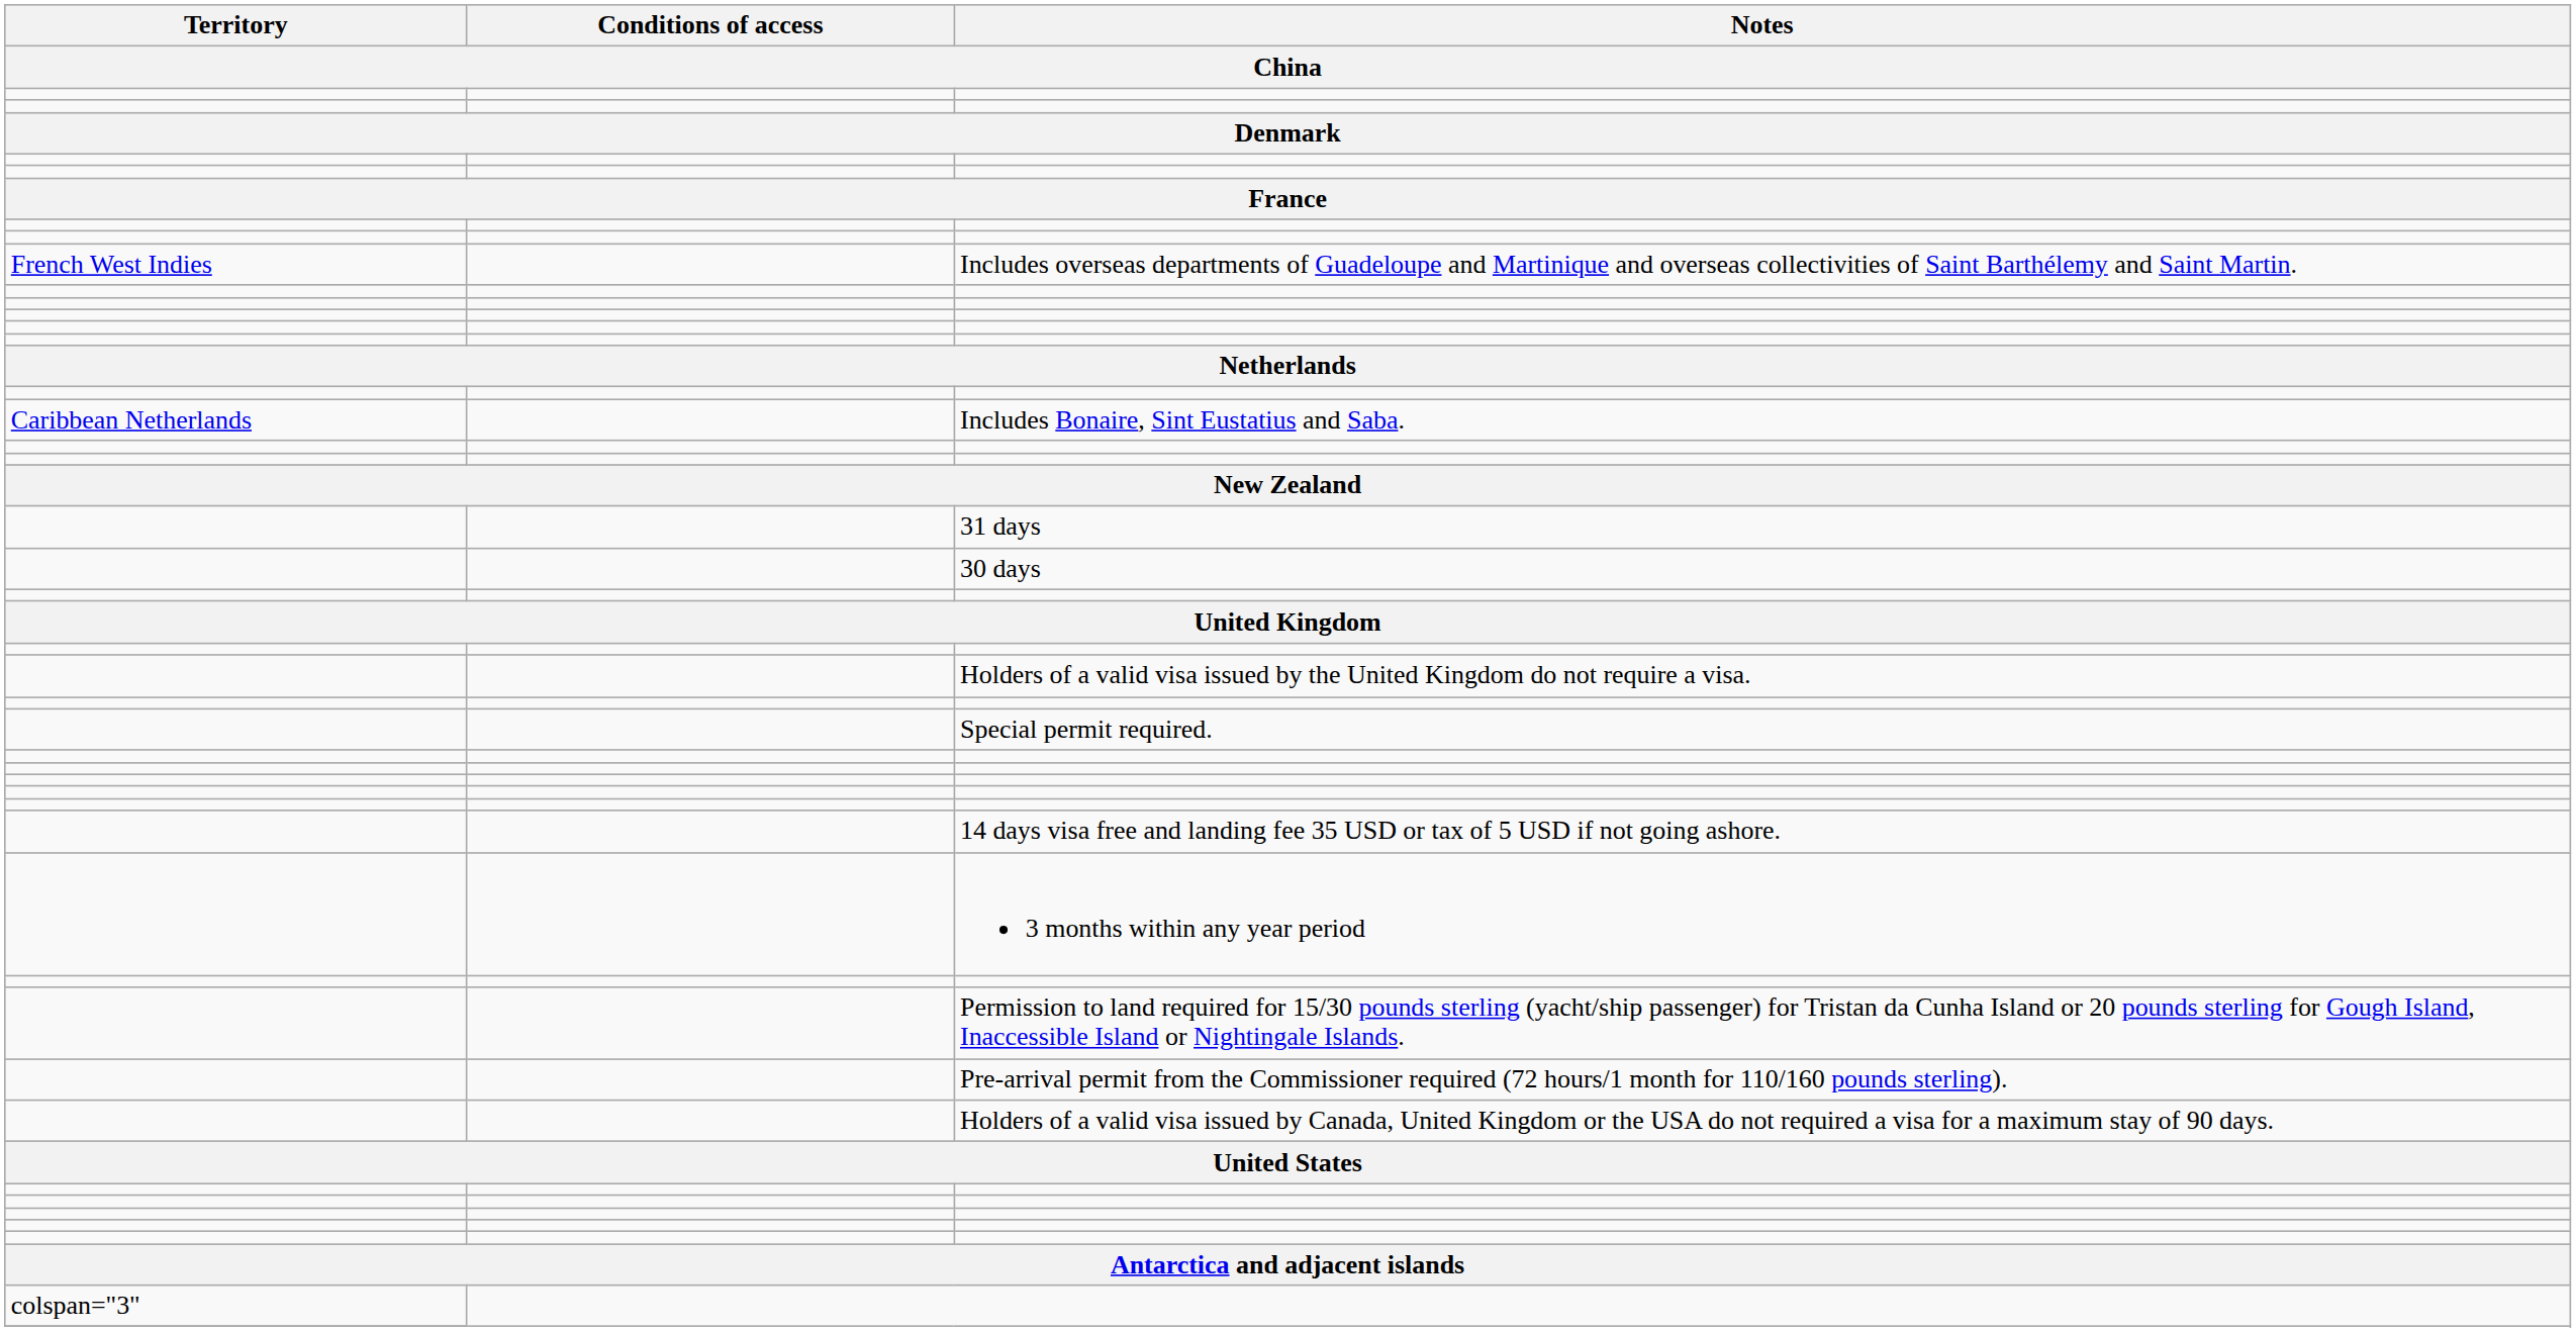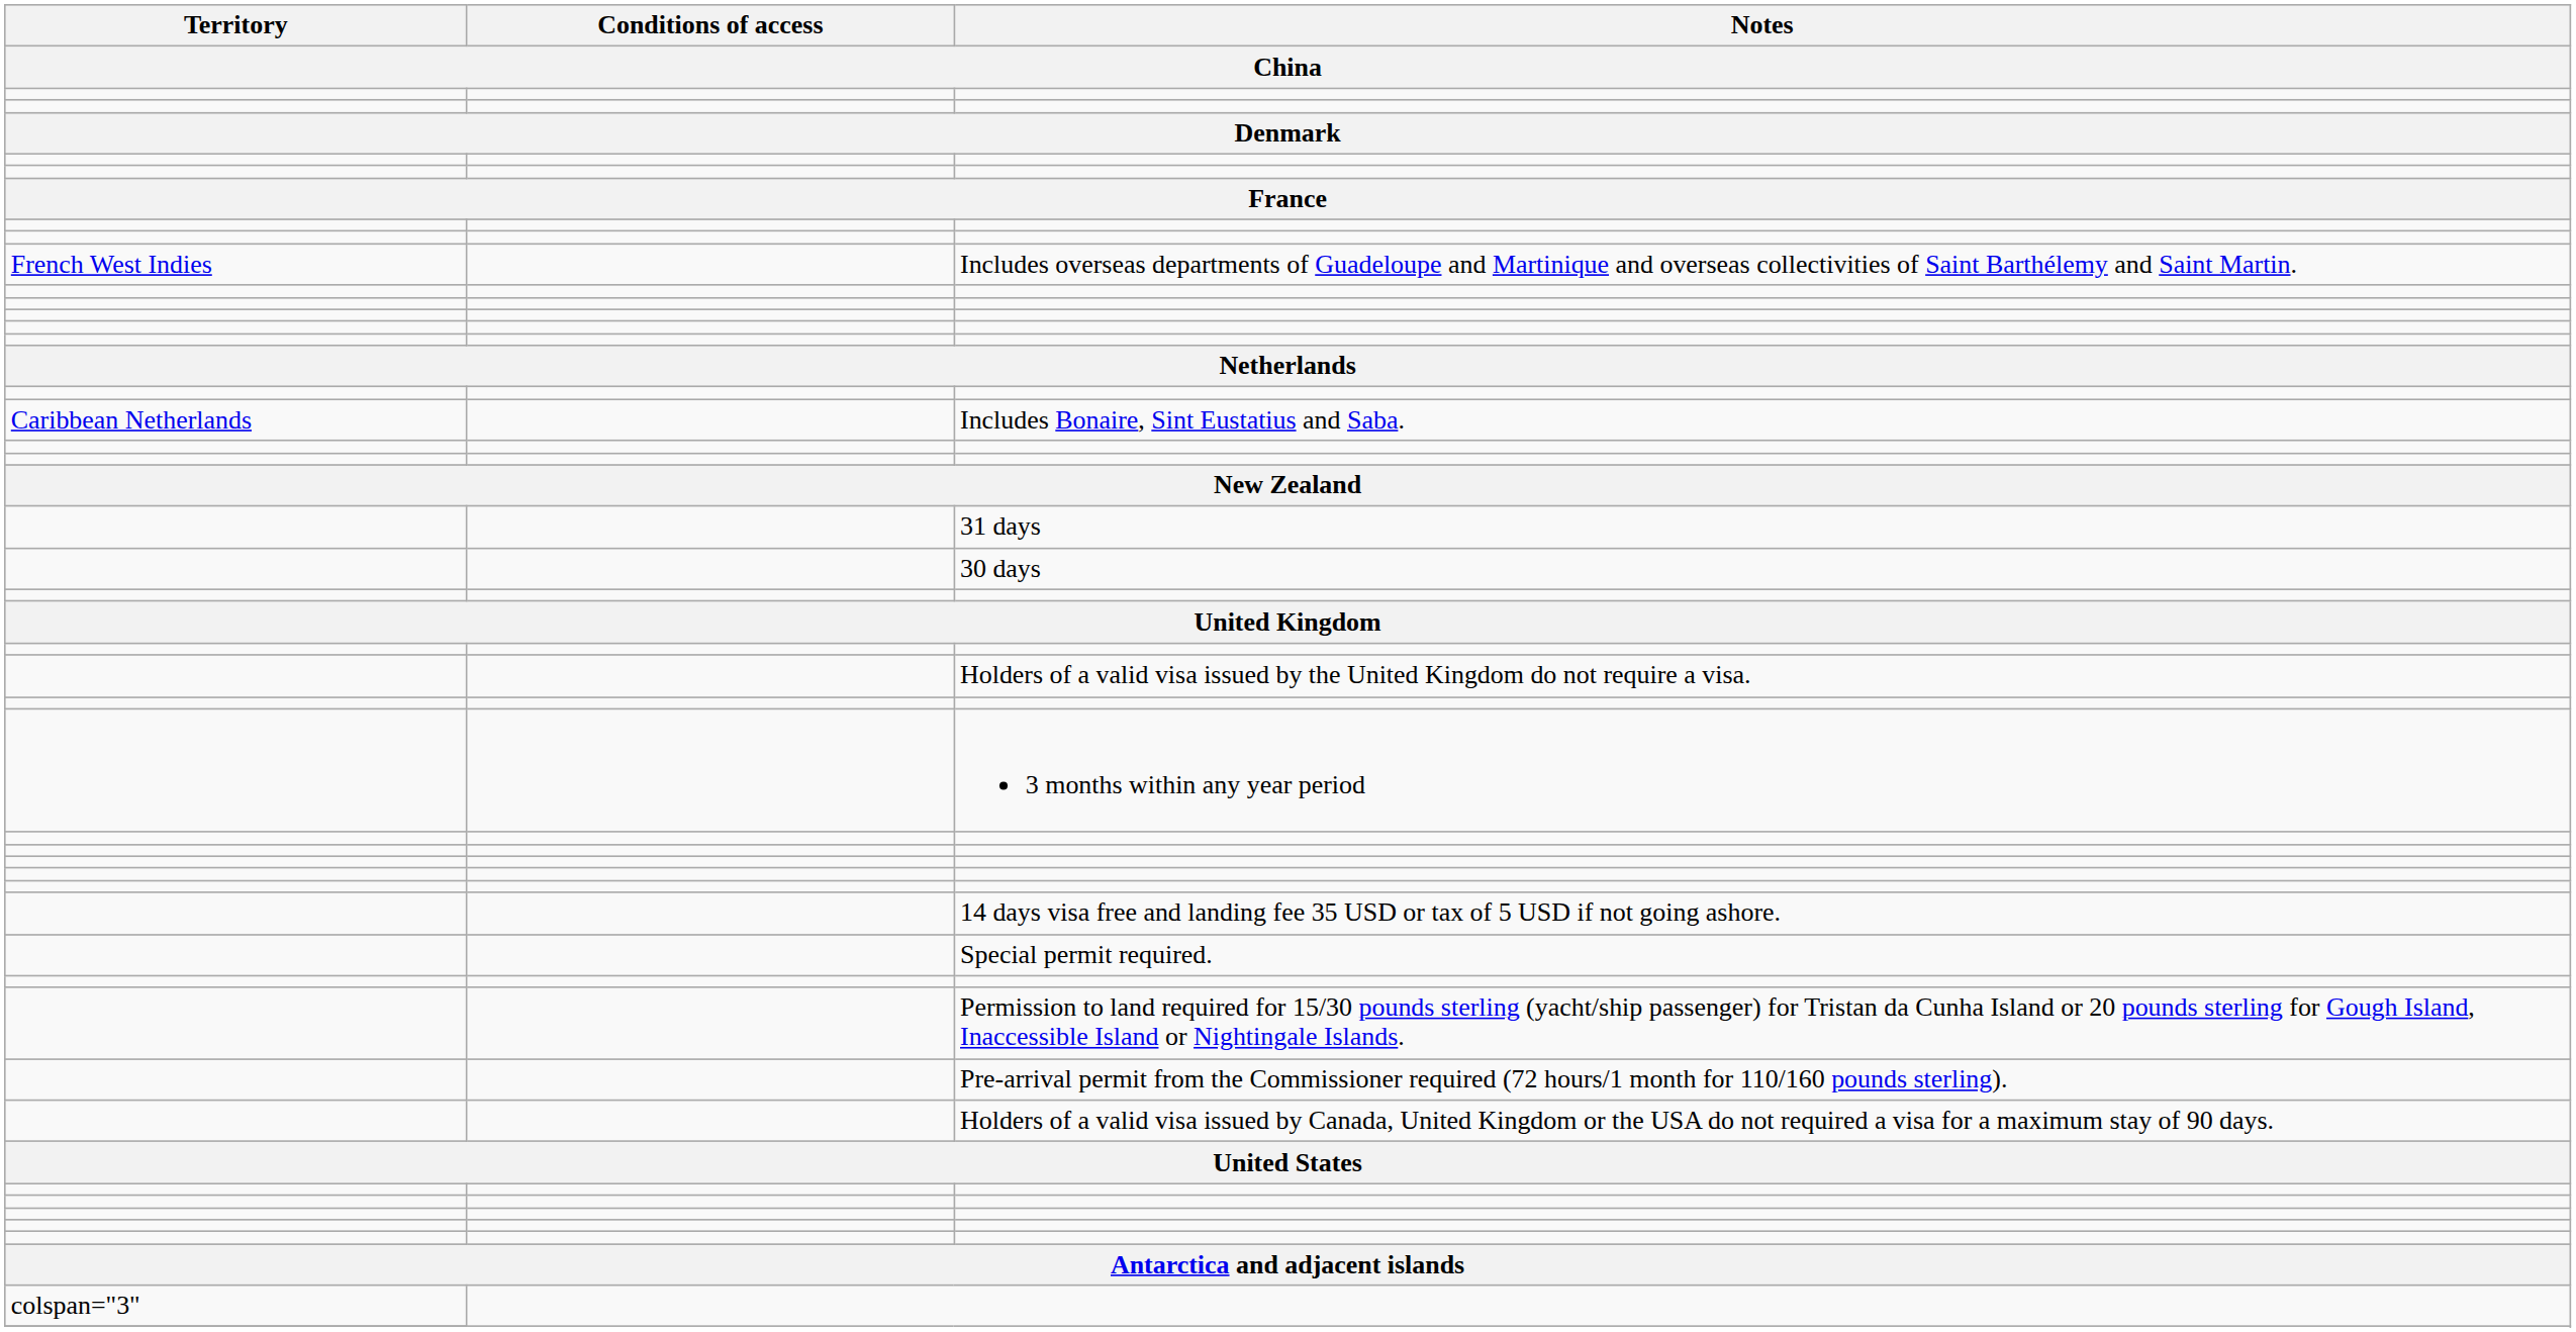 <table class="wikitable" style="text-align: left; table-layout: fixed;">
 <tr>
 <th width="18%">Territory</th>
 <th width="19%">Conditions of access</th>
 <th>Notes</th>
 </tr>
 <tr>
 <th colspan="3">China</th>
 </tr>
 <tr>
 <td></td>
 <td></td>
 <td></td>
 </tr>
 <tr>
 <td></td>
 <td></td>
 <td></td>
 </tr>
 <tr>
 <th colspan="3">Denmark</th>
 </tr>
 <tr>
 <td></td>
 <td></td>
 <td></td>
 </tr>
 <tr>
 <td></td>
 <td></td>
 <td></td>
 </tr>
 <tr>
 <th colspan="3">France</th>
 </tr>
 <tr>
 <td></td>
 <td></td>
 <td></td>
 </tr>
 <tr>
 <td></td>
 <td></td>
 <td></td>
 </tr>
 <tr>
 <td> <a href='#'>French West Indies</a></td>
 <td></td>
 <td>Includes overseas departments of <a href='#'>Guadeloupe</a> and <a href='#'>Martinique</a> and overseas collectivities of <a href='#'>Saint Barthélemy</a> and <a href='#'>Saint Martin</a>.</td>
 </tr>
 <tr>
 <td></td>
 <td></td>
 <td></td>
 </tr>
 <tr>
 <td></td>
 <td></td>
 <td></td>
 </tr>
 <tr>
 <td></td>
 <td></td>
 <td></td>
 </tr>
 <tr>
 <td></td>
 <td></td>
 <td></td>
 </tr>
 <tr>
 <td></td>
 <td></td>
 <td></td>
 </tr>
 <tr>
 <th colspan="3">Netherlands</th>
 </tr>
 <tr>
 <td></td>
 <td></td>
 <td></td>
 </tr>
 <tr>
 <td> <a href='#'>Caribbean Netherlands</a></td>
 <td></td>
 <td>Includes <a href='#'>Bonaire</a>, <a href='#'>Sint Eustatius</a> and <a href='#'>Saba</a>.</td>
 </tr>
 <tr>
 <td></td>
 <td></td>
 <td></td>
 </tr>
 <tr>
 <td></td>
 <td></td>
 <td></td>
 </tr>
 <tr>
 <th colspan="3">New Zealand</th>
 </tr>
 <tr>
 <td></td>
 <td></td>
 <td>31 days</td>
 </tr>
 <tr>
 <td></td>
 <td></td>
 <td>30 days</td>
 </tr>
 <tr>
 <td></td>
 <td></td>
 <td></td>
 </tr>
 <tr>
 <th colspan="3">United Kingdom</th>
 </tr>
 <tr>
 <td></td>
 <td></td>
 <td></td>
 </tr>
 <tr>
 <td></td>
 <td></td>
 <td>Holders of a valid visa issued by the United Kingdom do not require a visa.</td>
 </tr>
 <tr>
 <td></td>
 <td></td>
 <td></td>
 </tr>
 <tr>
 <td></td>
 <td></td>
-<td>Special permit required.</td>
+<td><br><ul><li>3 months within any year period</li></ul></td>
 </tr>
 <tr>
 <td></td>
 <td></td>
 <td></td>
 </tr>
 <tr>
 <td></td>
 <td></td>
 <td></td>
 </tr>
 <tr>
 <td></td>
 <td></td>
 <td></td>
 </tr>
 <tr>
 <td></td>
 <td></td>
 <td></td>
 </tr>
 <tr>
 <td></td>
 <td></td>
 <td></td>
 </tr>
 <tr>
 <td></td>
 <td></td>
 <td>14 days visa free and landing fee 35 USD or tax of 5 USD if not going ashore.</td>
 </tr>
 <tr>
 <td></td>
 <td></td>
-<td><br><ul><li>3 months within any year period</li></ul></td>
+<td>Special permit required.</td>
 </tr>
 <tr>
 <td></td>
 <td></td>
 <td></td>
 </tr>
 <tr>
 <td></td>
 <td></td>
 <td>Permission to land required for 15/30 <a href='#'>pounds sterling</a> (yacht/ship passenger) for Tristan da Cunha Island or 20 <a href='#'>pounds sterling</a> for <a href='#'>Gough Island</a>, <a href='#'>Inaccessible Island</a> or <a href='#'>Nightingale Islands</a>.</td>
 </tr>
 <tr>
 <td></td>
 <td></td>
 <td>Pre-arrival permit from the Commissioner required (72 hours/1 month for 110/160 <a href='#'>pounds sterling</a>).</td>
 </tr>
 <tr>
 <td></td>
 <td></td>
 <td>Holders of a valid visa issued by Canada, United Kingdom or the USA do not required a visa for a maximum stay of 90 days.</td>
 </tr>
 <tr>
 <th colspan="3">United States</th>
 </tr>
 <tr>
 <td></td>
 <td></td>
 <td></td>
 </tr>
 <tr>
 <td></td>
 <td></td>
 <td></td>
 </tr>
 <tr>
 <td></td>
 <td></td>
 <td></td>
 </tr>
 <tr>
 <td></td>
 <td></td>
 <td></td>
 </tr>
 <tr>
 <td></td>
 <td></td>
 <td></td>
 </tr>
 <tr>
 <th colspan="3"><a href='#'>Antarctica</a> and adjacent islands</th>
 </tr>
 <tr>
 <td>colspan="3" </td>
 </tr>
 <tr>
 </tr>
 </table>
